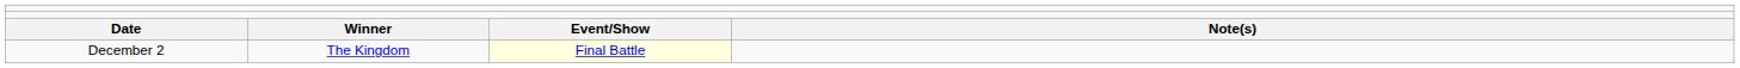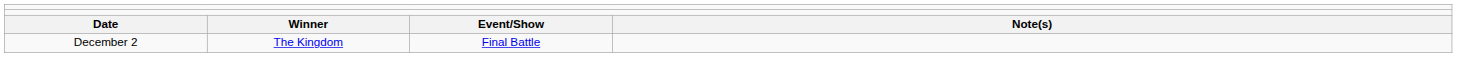 <table class="wikitable" style="text-align:center; width:100%;">
 <tr>
 <td colspan="5"></td>
 </tr>
 <tr>
 <td colspan="5"><strong></strong></td>
 </tr>
 <tr>
 <th width=14%>Date</th>
 <th width=14%>Winner</th>
 <th width=14%>Event/Show</th>
 <th width=58%>Note(s)</th>
 </tr>
 <tr>
 <td>December 2</td>
 <td><a href='#'>The Kingdom</a><br></td>
-<td style="background: lightyellow;"><a href='#'>Final Battle</a></td>
+<td><a href='#'>Final Battle</a></td>
 <td align="left"></td>
 </tr>
 </table>
